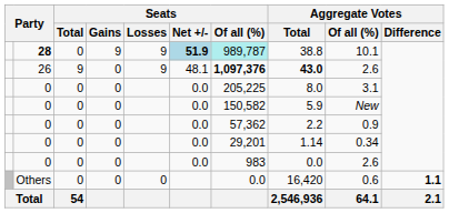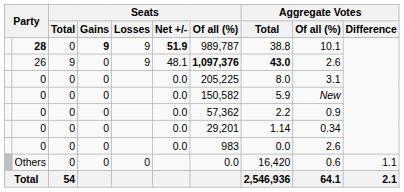 <table class="wikitable sortable" style="text-align:right; font-size:95%;">
 <tr>
 <th colspan="2" rowspan="2">Party</th>
 <th colspan="5">Seats</th>
 <th colspan="3">Aggregate Votes</th>
 </tr>
 <tr>
 <th>Total</th>
 <th>Gains</th>
 <th>Losses</th>
 <th>Net +/-</th>
 <th>Of all (%)</th>
 <th>Total</th>
 <th>Of all (%)</th>
 <th>Difference</th>
 </tr>
 <tr>
 <td></td>
 <td><strong>28</strong></td>
 <td>0</td>
+<td><strong>9</strong></td>
 <td>9</td>
-<td>9</td>
-<td style="background: lightblue;"><strong>51.9</strong></td>
-<td style="background: paleturquoise;">989,787</td>
+<td><strong>51.9</strong></td>
+<td>989,787</td>
 <td>38.8</td>
 <td>10.1</td>
 </tr>
 <tr>
 <td></td>
 <td>26</td>
 <td>9</td>
 <td>0</td>
 <td>9</td>
 <td>48.1</td>
 <td><strong>1,097,376</strong></td>
 <td><strong>43.0</strong></td>
 <td>2.6</td>
 </tr>
 <tr>
 <td></td>
 <td>0</td>
 <td>0</td>
 <td>0</td>
 <td></td>
 <td>0.0</td>
 <td>205,225</td>
 <td>8.0</td>
 <td>3.1</td>
 </tr>
 <tr>
 <td></td>
 <td>0</td>
 <td>0</td>
 <td>0</td>
 <td></td>
 <td>0.0</td>
 <td>150,582</td>
 <td>5.9</td>
 <td><em>New</em></td>
 </tr>
 <tr>
 <td></td>
 <td>0</td>
 <td>0</td>
 <td>0</td>
 <td></td>
 <td>0.0</td>
 <td>57,362</td>
 <td>2.2</td>
 <td>0.9</td>
 </tr>
 <tr>
 <td></td>
 <td>0</td>
 <td>0</td>
 <td>0</td>
 <td></td>
 <td>0.0</td>
 <td>29,201</td>
 <td>1.14</td>
 <td>0.34</td>
 </tr>
 <tr>
 <td></td>
 <td>0</td>
 <td>0</td>
 <td>0</td>
 <td></td>
 <td>0.0</td>
 <td>983</td>
 <td>0.0</td>
 <td>2.6</td>
 </tr>
 <tr>
 <td style="background:silver;"> </td>
 <td align=left>Others</td>
 <td>0</td>
 <td>0</td>
 <td>0</td>
 <td></td>
 <td>0.0</td>
 <td>16,420</td>
 <td>0.6</td>
-<td><strong>1.1</strong></td>
+<td>1.1</td>
 </tr>
 <tr class="sortbottom">
 <th colspan="2" style="background:#f2f2f2">Total</th>
 <td style="background:#f2f2f2;"><strong>54</strong></td>
 <td style="background:#f2f2f2;"></td>
 <td style="background:#f2f2f2;"></td>
 <td style="background:#f2f2f2;"></td>
 <td style="background:#f2f2f2;"></td>
 <td style="background:#f2f2f2;"><strong>2,546,936</strong></td>
 <td style="background:#f2f2f2;"><strong>64.1</strong></td>
 <td style="background:#f2f2f2;"><strong>2.1</strong></td>
 </tr>
 </table>
